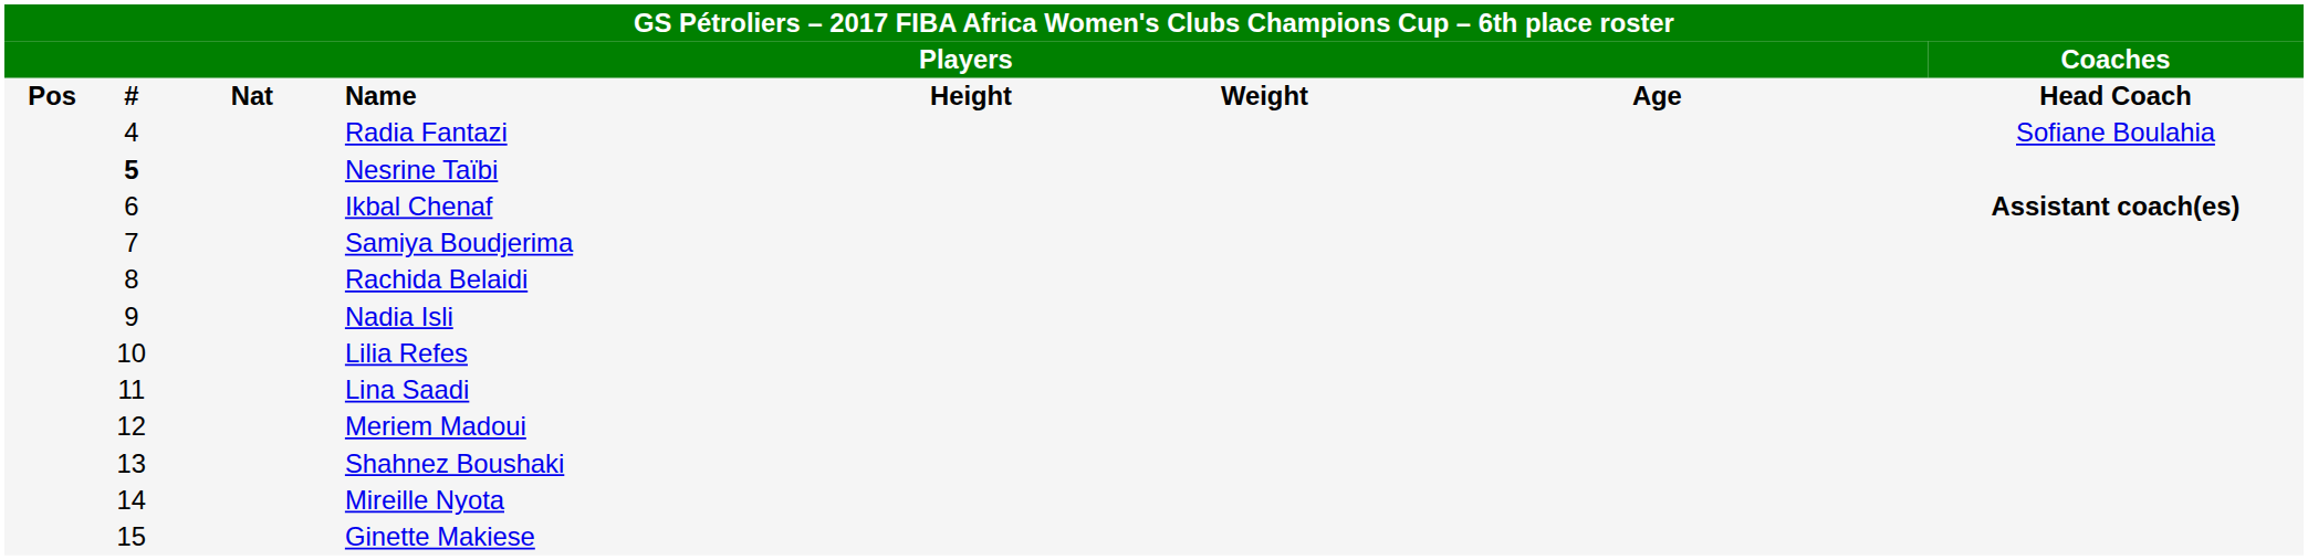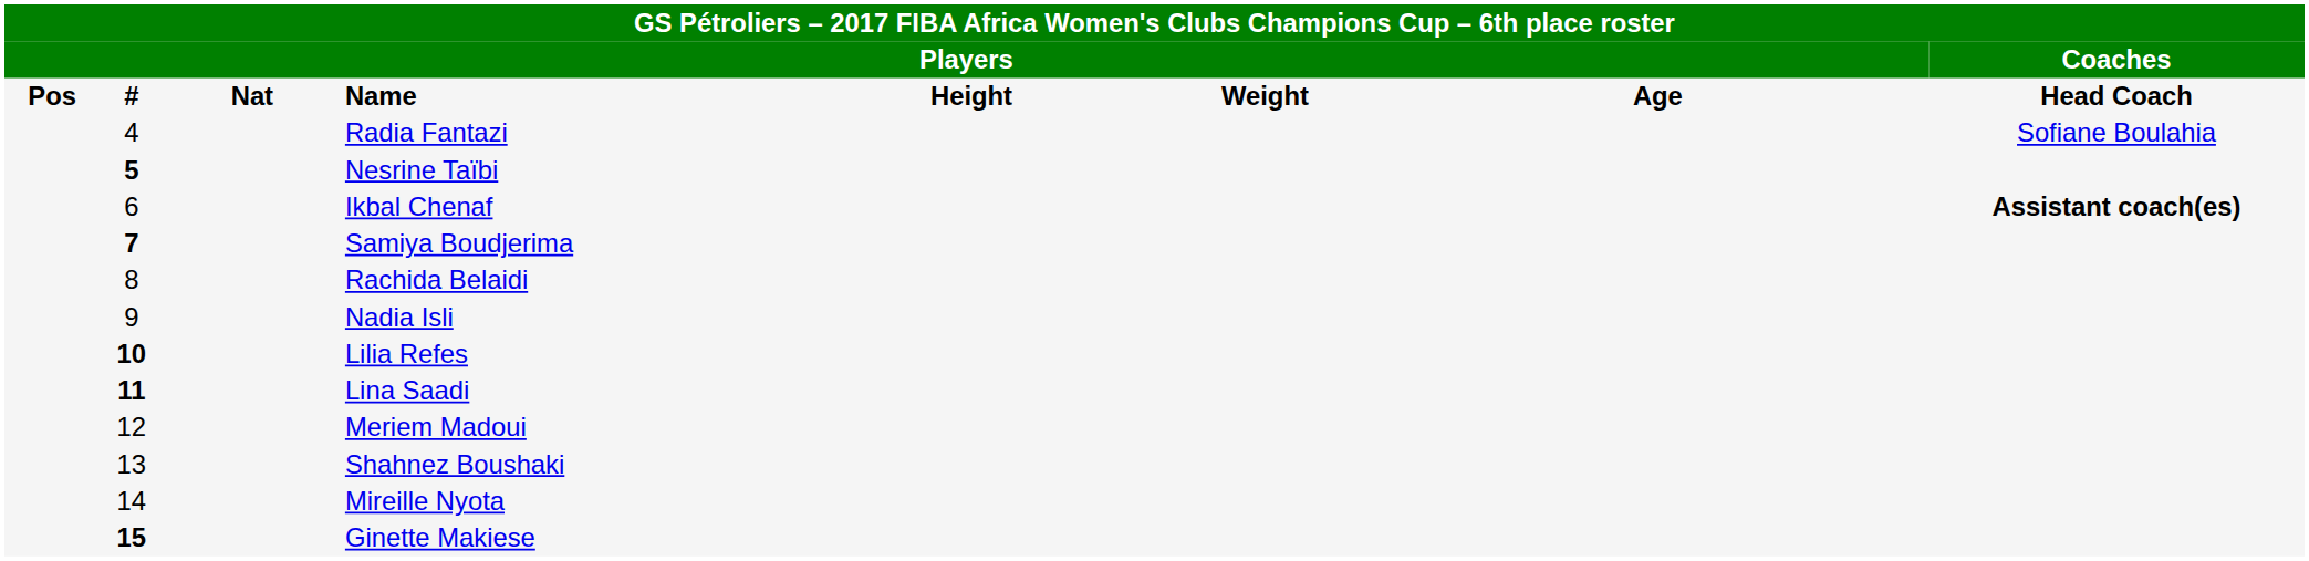 <table border=0 cellpadding=2 cellspacing=0  |- bgcolor=#f5f5f5 style="text-align:center; font-size:85%;" width=75%>
 <tr>
 <td colspan="8" style="background: green; color: white"><strong>GS Pétroliers – 2017 FIBA Africa Women's Clubs Champions Cup – 6th place roster</strong></td>
 </tr>
 <tr>
 <td colspan="7" style="background: green; color: white"><strong>Players</strong></td>
 <td style="background: green; color: white"><strong>Coaches</strong></td>
 </tr>
 <tr style="background=#f5f5f5; color: black">
 <th width=5px>Pos</th>
 <th width=5px>#</th>
 <th width=50px>Nat</th>
 <th width=135px align=left>Name</th>
 <th width=100px>Height</th>
 <th width=70px>Weight</th>
 <th width=160px>Age</th>
 <th width=110px>Head Coach</th>
 </tr>
 <tr>
 <td></td>
 <td>4</td>
 <td></td>
 <td align=left><a href='#'>Radia Fantazi</a></td>
 <td></td>
 <td></td>
 <td><span></span></td>
 <td> <a href='#'>Sofiane Boulahia</a></td>
 </tr>
 <tr>
 <td></td>
 <td><strong>5</strong></td>
 <td></td>
 <td align=left><a href='#'>Nesrine Taïbi</a></td>
 <td><span></span></td>
 <td></td>
 <td><span></span></td>
 </tr>
 <tr>
 <td></td>
 <td>6</td>
 <td></td>
 <td align=left><a href='#'>Ikbal Chenaf</a></td>
 <td><span></span></td>
 <td></td>
 <td><span></span></td>
 <td><strong>Assistant coach(es)</strong></td>
 </tr>
 <tr>
 <td></td>
-<td>7</td>
+<td><strong>7</strong></td>
 <td></td>
 <td align=left><a href='#'>Samiya Boudjerima</a></td>
 <td><span></span></td>
 <td></td>
 <td><span></span></td>
 <td></td>
 </tr>
 <tr>
 <td></td>
 <td>8</td>
 <td></td>
 <td align=left><a href='#'>Rachida Belaidi</a></td>
 <td></td>
 <td></td>
 <td><span></span></td>
 </tr>
 <tr>
 <td></td>
 <td>9</td>
 <td></td>
 <td align=left><a href='#'>Nadia Isli</a></td>
 <td><span></span></td>
 <td></td>
 <td><span></span></td>
 </tr>
 <tr>
 <td></td>
-<td>10</td>
+<td><strong>10</strong></td>
 <td></td>
 <td align=left><a href='#'>Lilia Refes</a></td>
 <td><span></span></td>
 <td></td>
 <td><span></span></td>
 </tr>
 <tr>
 <td></td>
-<td>11</td>
+<td><strong>11</strong></td>
 <td></td>
 <td align=left><a href='#'>Lina Saadi</a></td>
 <td></td>
 <td></td>
 <td><span></span></td>
 </tr>
 <tr>
 <td></td>
 <td>12</td>
 <td></td>
 <td align=left><a href='#'>Meriem Madoui</a></td>
 <td></td>
 <td></td>
 <td><span></span></td>
 </tr>
 <tr>
 <td></td>
 <td>13</td>
 <td></td>
 <td align=left><a href='#'>Shahnez Boushaki</a></td>
 <td><span></span></td>
 <td></td>
 <td><span></span></td>
 </tr>
 <tr>
 <td></td>
 <td>14</td>
 <td></td>
 <td align=left><a href='#'>Mireille Nyota</a></td>
 <td></td>
 <td></td>
 <td><span></span></td>
 </tr>
 <tr>
 <td></td>
-<td>15</td>
+<td><strong>15</strong></td>
 <td></td>
 <td align=left><a href='#'>Ginette Makiese</a></td>
 <td></td>
 <td></td>
 <td><span></span></td>
 </tr>
 </table>
